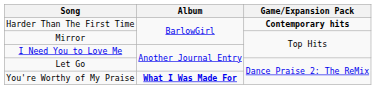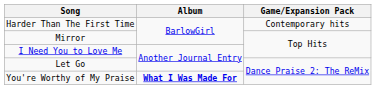 <table class="wikitable" style="text-align:center">
 <tr>
 <th>Song</th>
 <th>Album</th>
 <th>Game/Expansion Pack</th>
 </tr>
 <tr>
 <td>Harder Than The First Time</td>
 <td rowspan="2"><a href='#'>BarlowGirl</a></td>
-<td><strong>Contemporary hits</strong></td>
+<td>Contemporary hits</td>
 </tr>
 <tr>
 <td>Mirror</td>
 <td rowspan="2">Top Hits</td>
 </tr>
 <tr>
 <td><a href='#'>I Need You to Love Me</a></td>
 <td rowspan="2"><a href='#'>Another Journal Entry</a></td>
 </tr>
 <tr>
 <td>Let Go</td>
 <td rowspan="2"><a href='#'>Dance Praise 2: The ReMix</a></td>
 </tr>
 <tr>
 <td>You're Worthy of My Praise</td>
 <td><strong><a href='#'>What I Was Made For</a></strong></td>
 </tr>
 </table>
